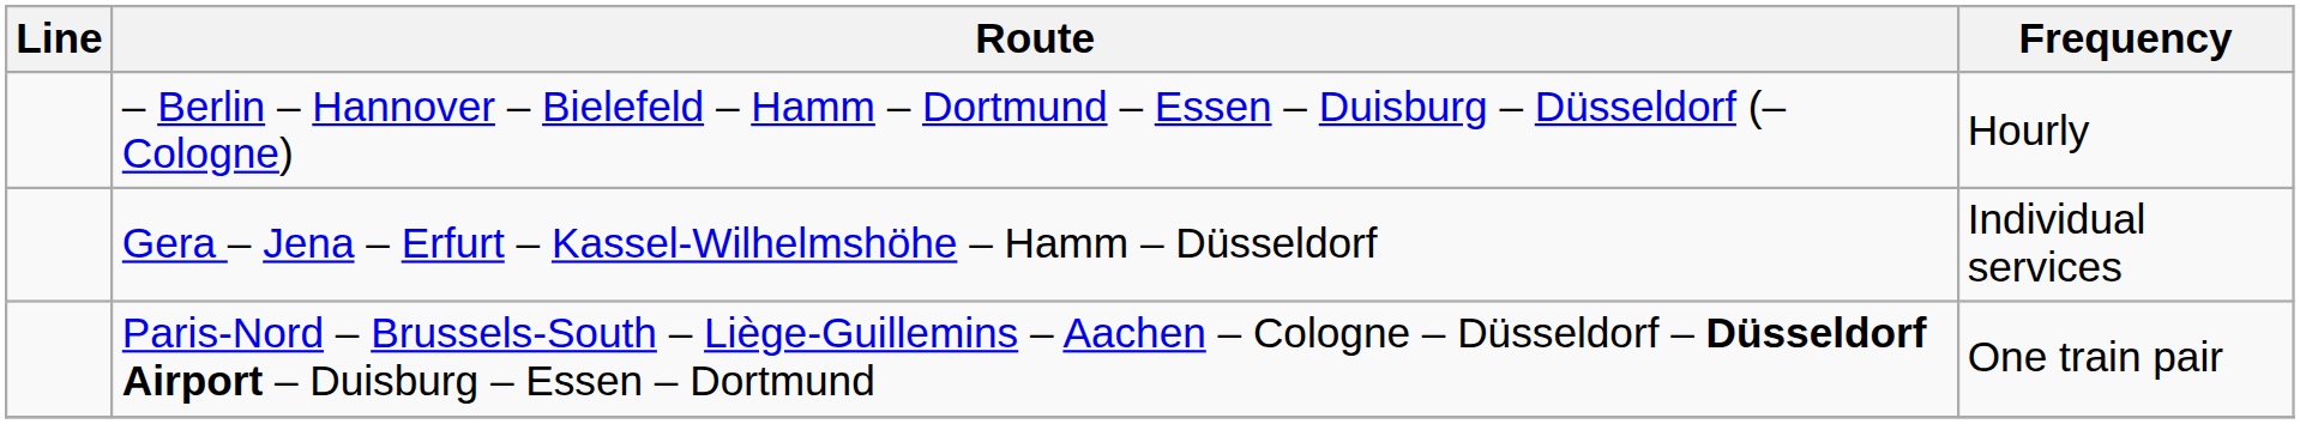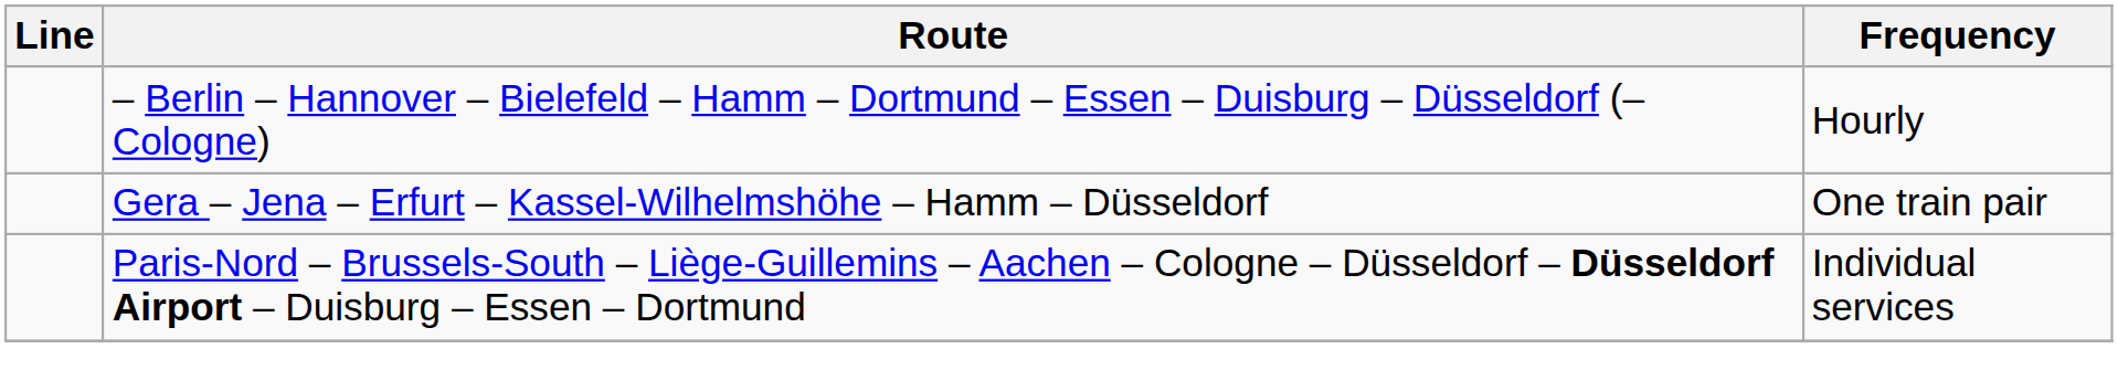 <table class="wikitable">
 <tr>
 <th>Line</th>
 <th>Route</th>
 <th>Frequency</th>
 </tr>
 <tr>
 <td></td>
 <td> – <a href='#'>Berlin</a> – <a href='#'>Hannover</a> – <a href='#'>Bielefeld</a> – <a href='#'>Hamm</a> – <a href='#'>Dortmund</a> – <a href='#'>Essen</a> – <a href='#'>Duisburg</a> –  <a href='#'>Düsseldorf</a> (– <a href='#'>Cologne</a>)</td>
 <td style="text-align:left; white-space:nowrap;">Hourly</td>
 </tr>
 <tr>
 <td></td>
 <td><a href='#'>Gera </a>– <a href='#'>Jena</a> – <a href='#'>Erfurt</a> – <a href='#'>Kassel-Wilhelmshöhe</a> – Hamm –  Düsseldorf</td>
-<td>Individual services</td>
+<td style="text-align:left; white-space:nowrap;">One train pair</td>
 </tr>
 <tr>
 <td></td>
 <td><a href='#'>Paris-Nord</a> – <a href='#'>Brussels-South</a> – <a href='#'>Liège-Guillemins</a> – <a href='#'>Aachen</a> – Cologne – Düsseldorf – <strong>Düsseldorf Airport</strong> – Duisburg – Essen – Dortmund</td>
-<td style="text-align:left; white-space:nowrap;">One train pair</td>
+<td>Individual services</td>
 </tr>
 <tr>
 </tr>
 </table>
